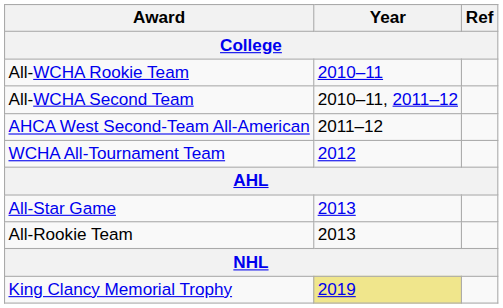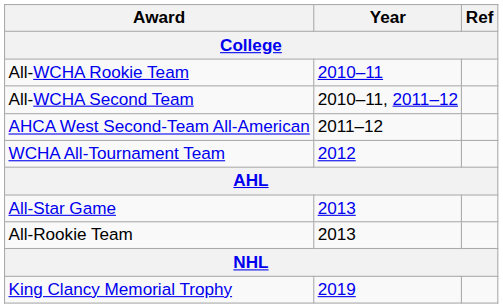 <table class="wikitable">
 <tr>
 <th>Award</th>
 <th>Year</th>
 <th>Ref</th>
 </tr>
 <tr>
 <th colspan="3"><a href='#'>College</a></th>
 </tr>
 <tr>
 <td>All-<a href='#'>WCHA Rookie Team</a></td>
 <td><a href='#'>2010–11</a></td>
 <td></td>
 </tr>
 <tr>
 <td>All-<a href='#'>WCHA Second Team</a></td>
 <td>2010–11, <a href='#'>2011–12</a></td>
 <td></td>
 </tr>
 <tr>
 <td><a href='#'>AHCA West Second-Team All-American</a></td>
 <td>2011–12</td>
 <td></td>
 </tr>
 <tr>
 <td><a href='#'>WCHA All-Tournament Team</a></td>
 <td><a href='#'>2012</a></td>
 <td></td>
 </tr>
 <tr>
 <th colspan="3"><a href='#'>AHL</a></th>
 </tr>
 <tr>
 <td><a href='#'>All-Star Game</a></td>
 <td><a href='#'>2013</a></td>
 <td></td>
 </tr>
 <tr>
 <td>All-Rookie Team</td>
 <td>2013</td>
 <td></td>
 </tr>
 <tr>
 <th colspan="3"><a href='#'>NHL</a></th>
 </tr>
 <tr>
 <td><a href='#'>King Clancy Memorial Trophy</a></td>
-<td style="background: khaki;"><a href='#'>2019</a></td>
+<td><a href='#'>2019</a></td>
 <td></td>
 </tr>
 </table>
